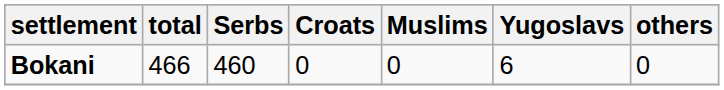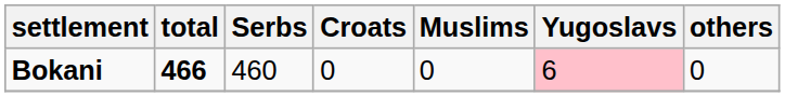 <table class="wikitable" style="font-size:95%;">
 <tr>
 <th>settlement</th>
 <th>total</th>
 <th>Serbs</th>
 <th>Croats</th>
 <th>Muslims</th>
 <th>Yugoslavs</th>
 <th>others</th>
 </tr>
 <tr>
 <td rowspan="1"><strong>Bokani</strong></td>
-<td>466</td>
+<td><strong>466</strong></td>
 <td>460</td>
 <td>0</td>
 <td>0</td>
-<td>6</td>
+<td style="background: pink;">6</td>
 <td>0</td>
 </tr>
 <tr>
 </tr>
 </table>
